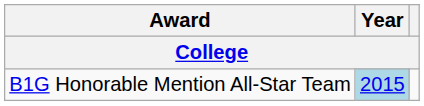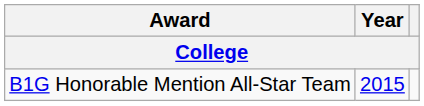 <table class="wikitable">
 <tr>
 <th>Award</th>
 <th>Year</th>
 <th></th>
 </tr>
 <tr>
 <th colspan="3"><a href='#'>College</a></th>
 </tr>
 <tr>
 <td><a href='#'>B1G</a> Honorable Mention All-Star Team</td>
-<td style="background: lightblue;"><a href='#'>2015</a></td>
+<td><a href='#'>2015</a></td>
 <td></td>
 </tr>
 </table>
